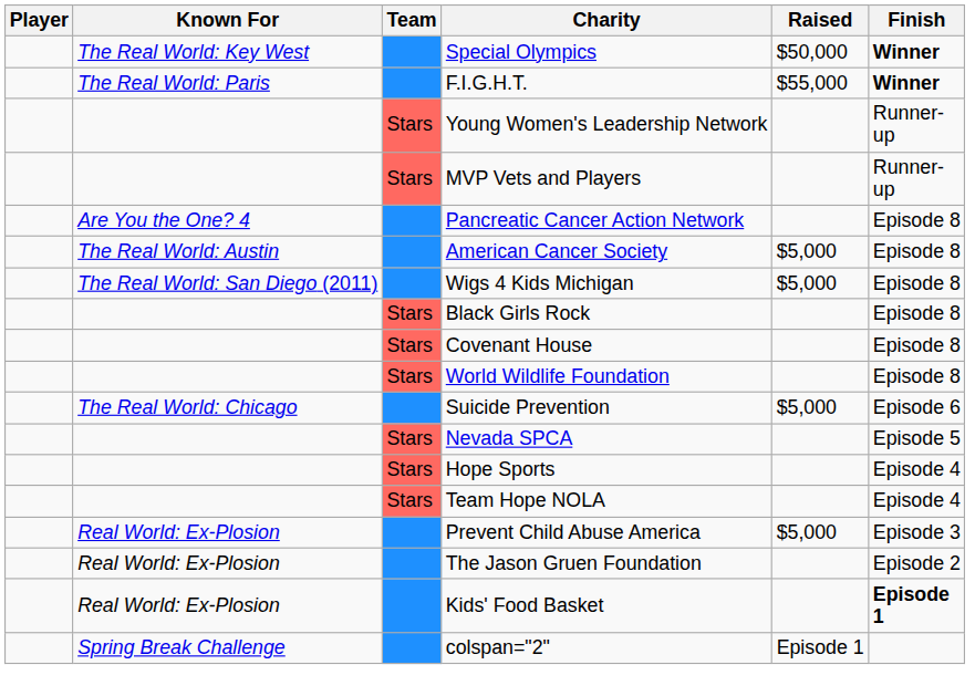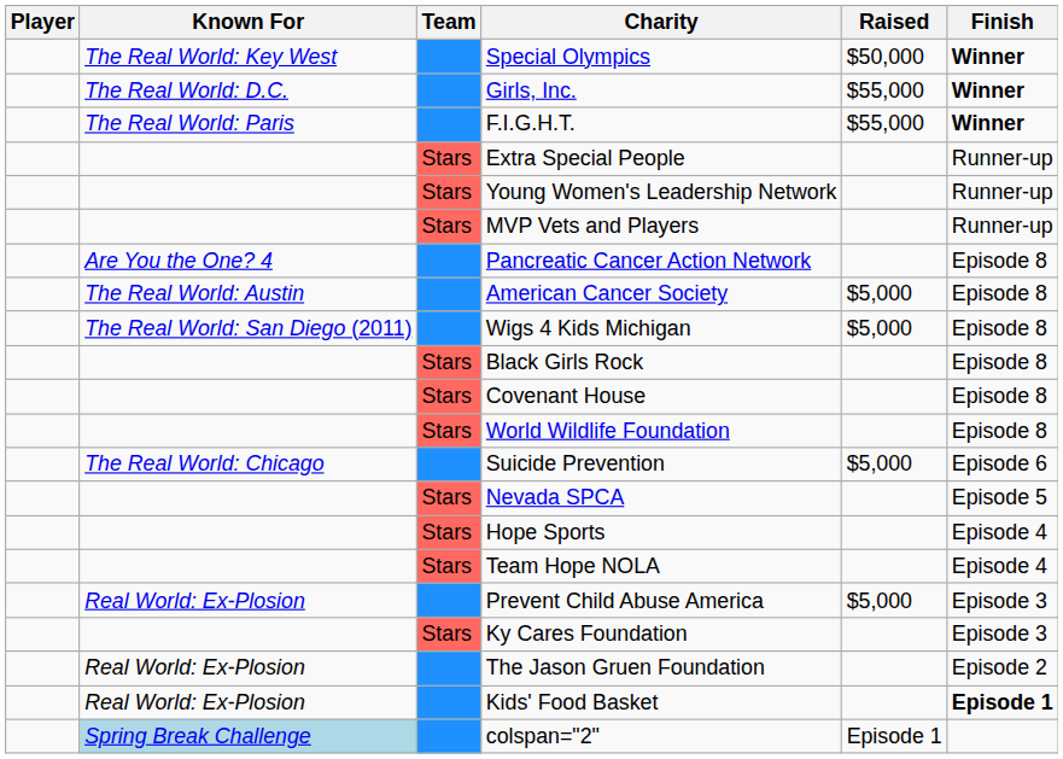 <table class="sortable wikitable">
 <tr>
 <th>Player</th>
 <th>Known For</th>
 <th>Team</th>
 <th>Charity</th>
 <th>Raised</th>
 <th>Finish</th>
 </tr>
 <tr>
 <td nowrap></td>
 <td><em><a href='#'>The Real World: Key West</a></em></td>
 <td style="background: dodgerblue;"></td>
 <td><a href='#'>Special Olympics</a></td>
 <td>$50,000</td>
 <td><strong>Winner</strong></td>
 </tr>
 <tr>
 <td nowrap></td>
+<td><em><a href='#'>The Real World: D.C.</a></em></td>
+<td style="background: dodgerblue;"></td>
+<td><a href='#'>Girls, Inc.</a></td>
+<td>$55,000</td>
+<td><strong>Winner</strong></td>
+</tr>
+<tr>
+<td nowrap></td>
 <td><em><a href='#'>The Real World: Paris</a></em></td>
 <td style="background: dodgerblue;"></td>
 <td>F.I.G.H.T.</td>
 <td>$55,000</td>
 <td><strong>Winner</strong></td>
+</tr>
+<tr>
+<td></td>
+<td></td>
+<td style="background:#FF6961;">Stars</td>
+<td>Extra Special People</td>
+<td></td>
+<td nowrap>Runner-up</td>
 </tr>
 <tr>
 <td></td>
 <td></td>
 <td style="background:#FF6961;">Stars</td>
 <td nowrap>Young Women's Leadership Network</td>
 <td></td>
 <td>Runner-up</td>
 </tr>
 <tr>
 <td></td>
 <td></td>
 <td style="background:#FF6961;">Stars</td>
 <td>MVP Vets and Players</td>
 <td></td>
 <td>Runner-up</td>
 </tr>
 <tr>
 <td nowrap></td>
 <td><em><a href='#'>Are You the One? 4</a></em></td>
 <td style="background: dodgerblue;"></td>
 <td><a href='#'>Pancreatic Cancer Action Network</a></td>
 <td></td>
 <td>Episode 8</td>
 </tr>
 <tr>
 <td nowrap></td>
 <td><em><a href='#'>The Real World: Austin</a></em></td>
 <td style="background: dodgerblue;"></td>
 <td><a href='#'>American Cancer Society</a></td>
 <td>$5,000</td>
 <td>Episode 8</td>
 </tr>
 <tr>
 <td nowrap></td>
 <td nowrap><a href='#'><em>The Real World: San Diego</em> (2011)</a></td>
 <td style="background: dodgerblue;"></td>
 <td>Wigs 4 Kids Michigan</td>
 <td>$5,000</td>
 <td>Episode 8</td>
 </tr>
 <tr>
 <td></td>
 <td nowrap></td>
 <td style="background:#FF6961;">Stars</td>
 <td>Black Girls Rock</td>
 <td></td>
 <td>Episode 8</td>
 </tr>
 <tr>
 <td></td>
 <td></td>
 <td style="background:#FF6961;">Stars</td>
 <td>Covenant House</td>
 <td></td>
 <td>Episode 8</td>
 </tr>
 <tr>
 <td></td>
 <td nowrap></td>
 <td style="background:#FF6961;">Stars</td>
 <td><a href='#'>World Wildlife Foundation</a></td>
 <td></td>
 <td>Episode 8</td>
 </tr>
 <tr>
 <td></td>
 <td><em><a href='#'>The Real World: Chicago</a></em></td>
 <td style="background: dodgerblue;"></td>
 <td>Suicide Prevention</td>
 <td>$5,000</td>
 <td>Episode 6</td>
 </tr>
 <tr>
 <td></td>
 <td></td>
 <td style="background:#FF6961;">Stars</td>
 <td><a href='#'>Nevada SPCA</a></td>
 <td></td>
 <td>Episode 5</td>
 </tr>
 <tr>
 <td></td>
 <td></td>
 <td style="background:#FF6961;">Stars</td>
 <td>Hope Sports</td>
 <td></td>
 <td>Episode 4</td>
 </tr>
 <tr>
 <td></td>
 <td></td>
 <td style="background:#FF6961;">Stars</td>
 <td>Team Hope NOLA</td>
 <td></td>
 <td>Episode 4</td>
 </tr>
 <tr>
 <td></td>
 <td><em><a href='#'>Real World: Ex-Plosion</a></em></td>
 <td style="background: dodgerblue;"></td>
 <td>Prevent Child Abuse America</td>
 <td>$5,000</td>
 <td nowrap>Episode 3</td>
 </tr>
 <tr>
+<td></td>
+<td></td>
+<td style="background:#FF6961;">Stars</td>
+<td>Ky Cares Foundation</td>
+<td></td>
+<td nowrap>Episode 3</td>
+</tr>
+<tr>
 <td nowrap=""></td>
 <td><em>Real World: Ex-Plosion</em></td>
 <td style="background: dodgerblue;"></td>
 <td nowrap="">The Jason Gruen Foundation</td>
 <td></td>
 <td nowrap>Episode 2</td>
 </tr>
 <tr>
 <td nowrap></td>
 <td><em>Real World: Ex-Plosion</em></td>
 <td style="background: dodgerblue;"></td>
 <td>Kids' Food Basket</td>
 <td></td>
 <td><strong>Episode 1</strong></td>
 </tr>
 <tr>
 <td nowrap></td>
-<td nowrap><em><a href='#'>Spring Break Challenge</a></em></td>
+<td nowrap style="background: lightblue;"><em><a href='#'>Spring Break Challenge</a></em></td>
 <td style="background: dodgerblue;"></td>
 <td>colspan="2" </td>
 <td nowrap>Episode 1</td>
 </tr>
 </table>
